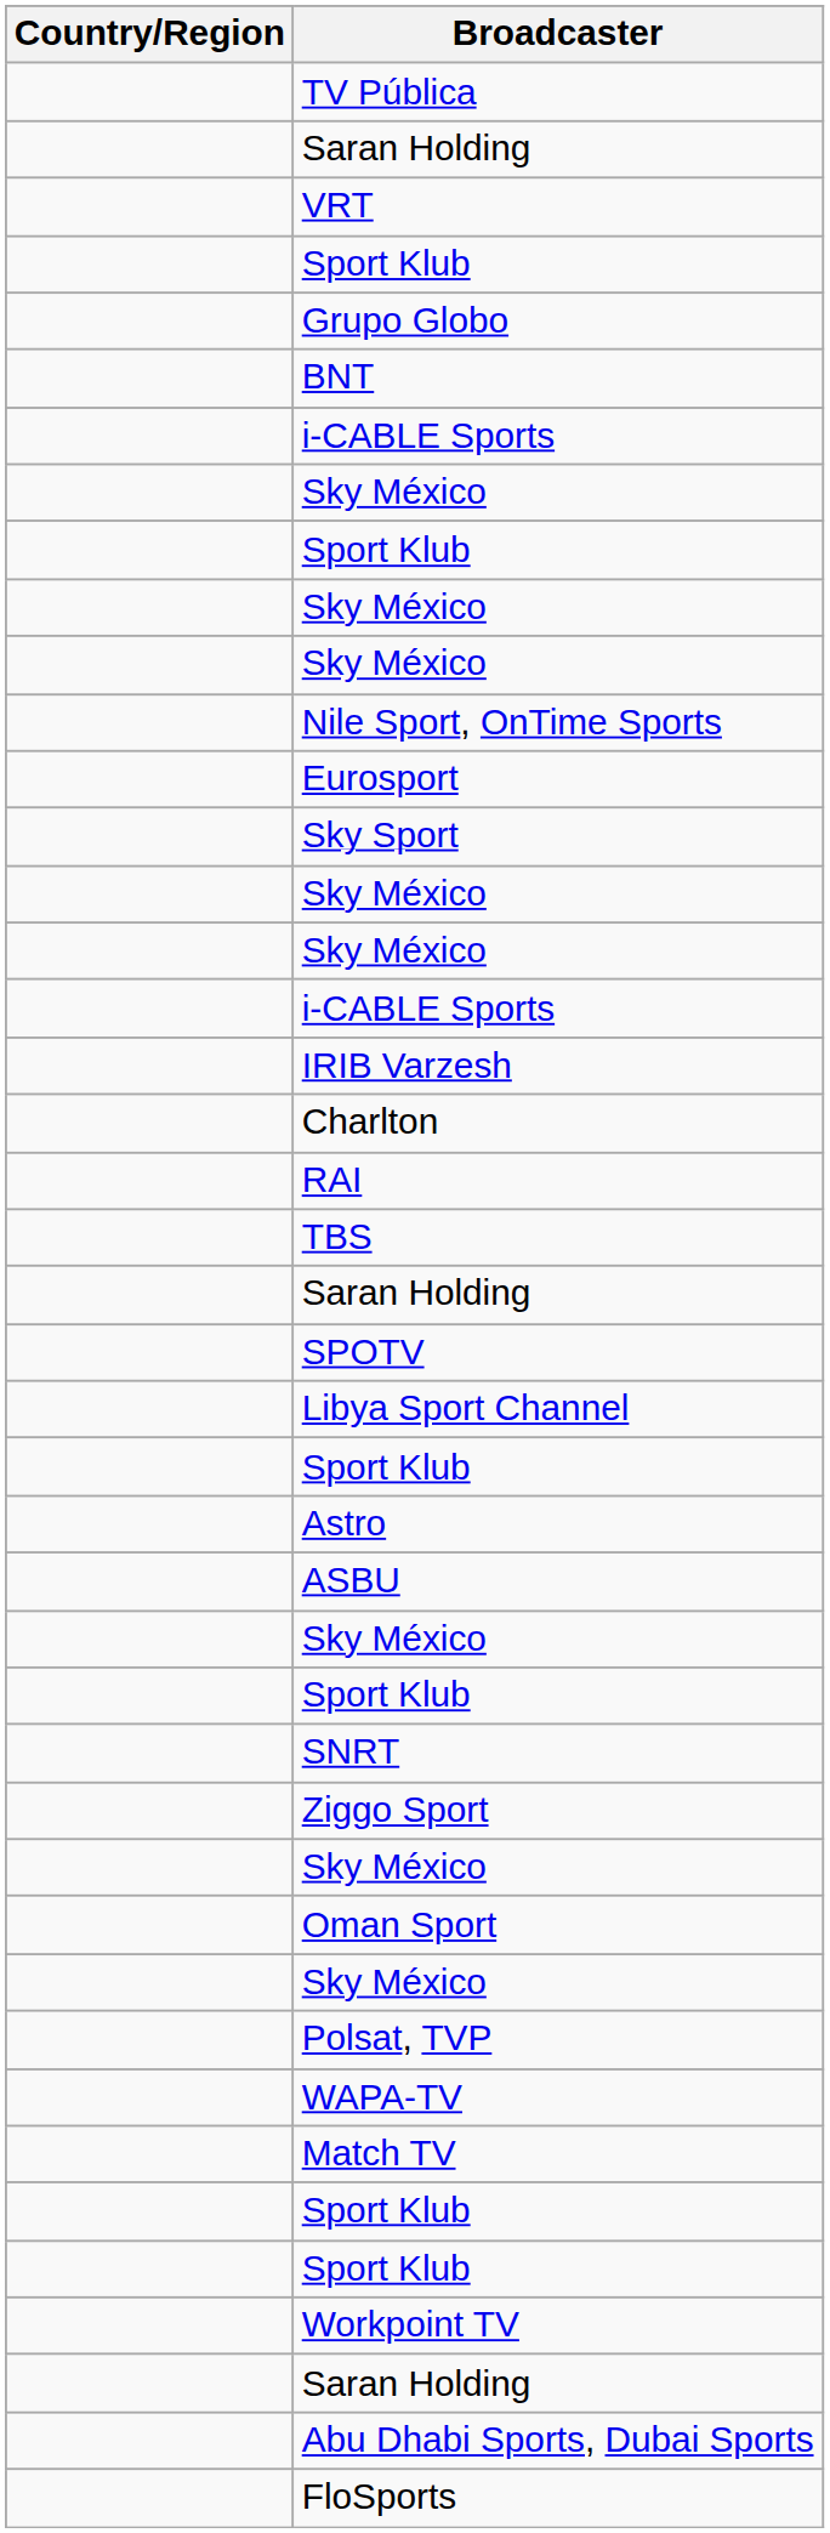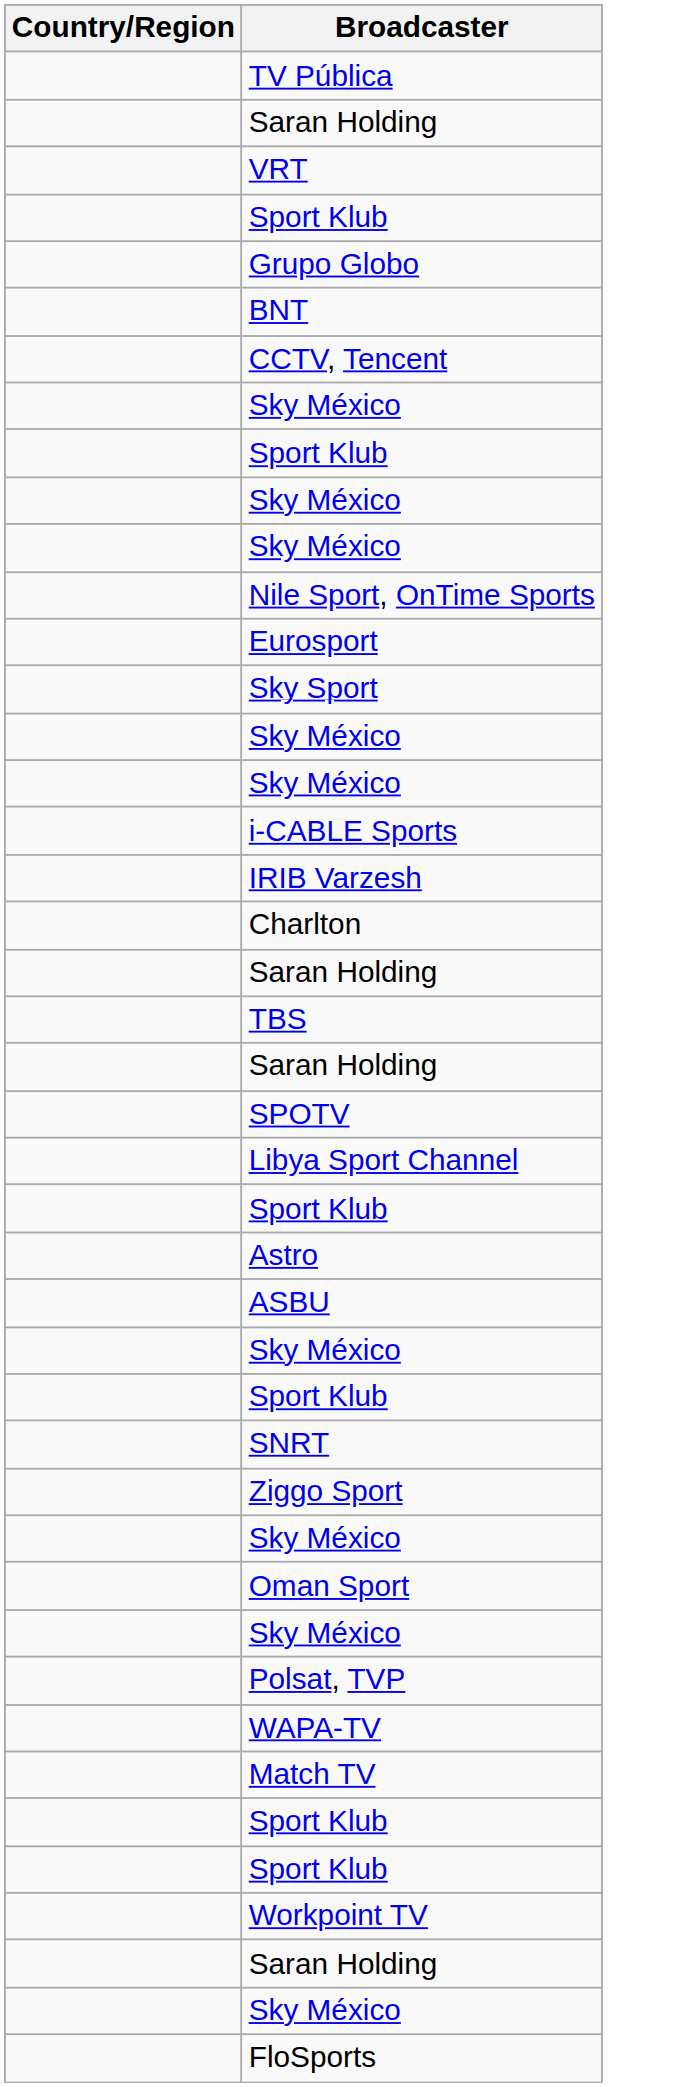 <table class="wikitable sortable collapsible collapsed" style="text-align:left;">
 <tr>
 <th>Country/Region</th>
 <th>Broadcaster</th>
 </tr>
 <tr>
 <td><strong></strong></td>
 <td><a href='#'>TV Pública</a></td>
 </tr>
 <tr>
 <td><strong></strong></td>
 <td>Saran Holding</td>
 </tr>
 <tr>
 <td><strong></strong></td>
 <td><a href='#'>VRT</a></td>
 </tr>
 <tr>
 <td><strong></strong></td>
 <td><a href='#'>Sport Klub</a></td>
 </tr>
 <tr>
 <td><strong></strong></td>
 <td><a href='#'>Grupo Globo</a></td>
 </tr>
 <tr>
 <td><strong></strong></td>
 <td><a href='#'>BNT</a></td>
 </tr>
 <tr>
 <td><strong></strong></td>
-<td><a href='#'>i-CABLE Sports</a></td>
+<td><a href='#'>CCTV</a>, <a href='#'>Tencent</a></td>
 </tr>
 <tr>
 <td><strong></strong></td>
 <td><a href='#'>Sky México</a></td>
 </tr>
 <tr>
 <td><strong></strong></td>
 <td><a href='#'>Sport Klub</a></td>
 </tr>
 <tr>
 <td><strong></strong></td>
 <td><a href='#'>Sky México</a></td>
 </tr>
 <tr>
 <td><strong></strong></td>
 <td><a href='#'>Sky México</a></td>
 </tr>
 <tr>
 <td><strong></strong></td>
 <td><a href='#'>Nile Sport</a>, <a href='#'>OnTime Sports</a></td>
 </tr>
 <tr>
 <td><strong></strong></td>
 <td><a href='#'>Eurosport</a></td>
 </tr>
 <tr>
 <td><strong></strong></td>
 <td><a href='#'>Sky Sport</a></td>
 </tr>
 <tr>
 <td><strong></strong></td>
 <td><a href='#'>Sky México</a></td>
 </tr>
 <tr>
 <td><strong></strong></td>
 <td><a href='#'>Sky México</a></td>
 </tr>
 <tr>
 <td><strong></strong></td>
 <td><a href='#'>i-CABLE Sports</a></td>
 </tr>
 <tr>
 <td><strong></strong></td>
 <td><a href='#'>IRIB Varzesh</a></td>
 </tr>
 <tr>
 <td><strong></strong></td>
 <td>Charlton</td>
 </tr>
 <tr>
 <td><strong></strong></td>
-<td><a href='#'>RAI</a></td>
+<td>Saran Holding</td>
 </tr>
 <tr>
 <td><strong></strong></td>
 <td><a href='#'>TBS</a></td>
 </tr>
 <tr>
 <td><strong></strong></td>
 <td>Saran Holding</td>
 </tr>
 <tr>
 <td><strong></strong></td>
 <td><a href='#'>SPOTV</a></td>
 </tr>
 <tr>
 <td><strong></strong></td>
 <td><a href='#'>Libya Sport Channel</a></td>
 </tr>
 <tr>
 <td><strong></strong></td>
 <td><a href='#'>Sport Klub</a></td>
 </tr>
 <tr>
 <td><strong></strong></td>
 <td><a href='#'>Astro</a></td>
 </tr>
 <tr>
 <td><strong></strong></td>
 <td><a href='#'>ASBU</a></td>
 </tr>
 <tr>
 <td><strong></strong></td>
 <td><a href='#'>Sky México</a></td>
 </tr>
 <tr>
 <td><strong></strong></td>
 <td><a href='#'>Sport Klub</a></td>
 </tr>
 <tr>
 <td><strong></strong></td>
 <td><a href='#'>SNRT</a></td>
 </tr>
 <tr>
 <td><strong></strong></td>
 <td><a href='#'>Ziggo Sport</a></td>
 </tr>
 <tr>
 <td><strong></strong></td>
 <td><a href='#'>Sky México</a></td>
 </tr>
 <tr>
 <td><strong></strong></td>
 <td><a href='#'>Oman Sport</a></td>
 </tr>
 <tr>
 <td><strong></strong></td>
 <td><a href='#'>Sky México</a></td>
 </tr>
 <tr>
 <td><strong></strong></td>
 <td><a href='#'>Polsat</a>, <a href='#'>TVP</a></td>
 </tr>
 <tr>
 <td><strong></strong></td>
 <td><a href='#'>WAPA-TV</a></td>
 </tr>
 <tr>
 <td><strong></strong></td>
 <td><a href='#'>Match TV</a></td>
 </tr>
 <tr>
 <td><strong></strong></td>
 <td><a href='#'>Sport Klub</a></td>
 </tr>
 <tr>
 <td><strong></strong></td>
 <td><a href='#'>Sport Klub</a></td>
 </tr>
 <tr>
 <td><strong></strong></td>
 <td><a href='#'>Workpoint TV</a></td>
 </tr>
 <tr>
 <td><strong></strong></td>
 <td>Saran Holding</td>
 </tr>
 <tr>
 <td><strong></strong></td>
-<td><a href='#'>Abu Dhabi Sports</a>, <a href='#'>Dubai Sports</a></td>
+<td><a href='#'>Sky México</a></td>
 </tr>
 <tr>
 <td><strong></strong></td>
 <td>FloSports</td>
 </tr>
 </table>
